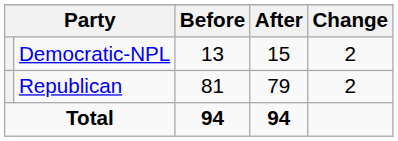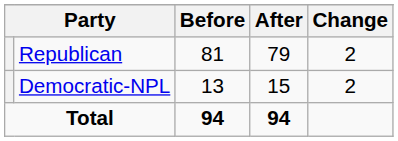 <table class="wikitable" style="text-align:center;">
 <tr>
 </tr>
 <tr>
 <th colspan=2>Party</th>
 <th>Before</th>
 <th>After</th>
 <th>Change</th>
 </tr>
 <tr>
 <th style="background-color:"></th>
-<td style="text-align:left;"><a href='#'>Democratic-NPL</a></td>
-<td>13</td>
-<td>15</td>
+<td style="text-align:left;"><a href='#'>Republican</a></td>
+<td>81</td>
+<td>79</td>
 <td> 2</td>
 </tr>
 <tr>
 <th style="background-color:"></th>
-<td style="text-align:left;"><a href='#'>Republican</a></td>
-<td>81</td>
-<td>79</td>
+<td style="text-align:left;"><a href='#'>Democratic-NPL</a></td>
+<td>13</td>
+<td>15</td>
 <td> 2</td>
 </tr>
 <tr>
 <td colspan=2><strong>Total</strong></td>
 <td><strong>94</strong></td>
 <td><strong>94</strong></td>
 <td></td>
 </tr>
 </table>
